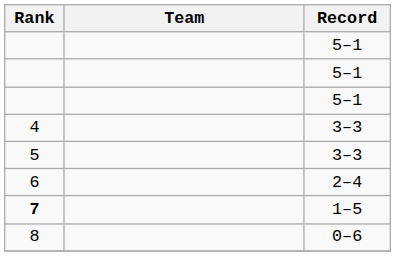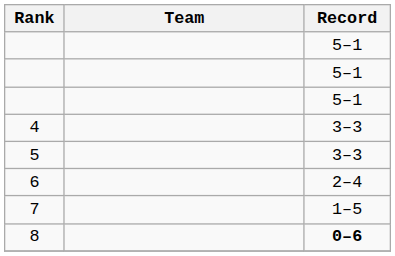 <table class="wikitable">
 <tr>
 <th width=40>Rank</th>
 <th width=180>Team</th>
 <th width=60>Record</th>
 </tr>
 <tr>
 <td align=center></td>
 <td align="left"></td>
 <td align=center>5–1</td>
 </tr>
 <tr>
 <td align=center></td>
 <td align="left"></td>
 <td align=center>5–1</td>
 </tr>
 <tr>
 <td align=center></td>
 <td align="left"></td>
 <td align=center>5–1</td>
 </tr>
 <tr>
 <td align=center>4</td>
 <td align="left"></td>
 <td align=center>3–3</td>
 </tr>
 <tr>
 <td align=center>5</td>
 <td align="left"></td>
 <td align=center>3–3</td>
 </tr>
 <tr>
 <td align=center>6</td>
 <td align="left"></td>
 <td align=center>2–4</td>
 </tr>
 <tr>
-<td align=center><strong>7</strong></td>
+<td align=center>7</td>
 <td align="left"></td>
 <td align=center>1–5</td>
 </tr>
 <tr>
 <td align=center>8</td>
 <td align="left"></td>
-<td align=center>0–6</td>
+<td align=center><strong>0–6</strong></td>
 </tr>
 <tr>
 </tr>
 </table>
